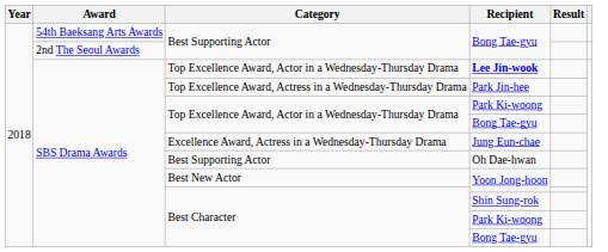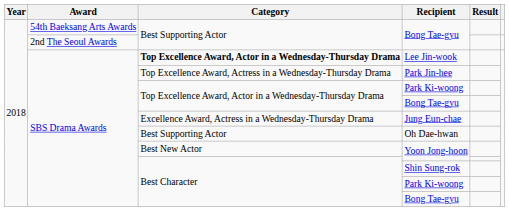 <table class="wikitable">
 <tr>
 <th>Year</th>
 <th>Award</th>
 <th>Category</th>
 <th>Recipient</th>
 <th>Result</th>
 <th></th>
 </tr>
 <tr>
 <td rowspan=13>2018</td>
 <td><a href='#'>54th Baeksang Arts Awards</a></td>
 <td rowspan=2>Best Supporting Actor</td>
 <td rowspan=2><a href='#'>Bong Tae-gyu</a></td>
 <td></td>
 <td></td>
 </tr>
 <tr>
 <td>2nd <a href='#'>The Seoul Awards</a></td>
 <td></td>
 <td></td>
 </tr>
 <tr>
 <td rowspan=11><a href='#'>SBS Drama Awards</a></td>
-<td>Top Excellence Award, Actor in a Wednesday-Thursday Drama</td>
-<td><strong><a href='#'>Lee Jin-wook</a></strong></td>
+<td><strong>Top Excellence Award, Actor in a Wednesday-Thursday Drama</strong></td>
+<td><a href='#'>Lee Jin-wook</a></td>
 <td></td>
 <td rowspan=11></td>
 </tr>
 <tr>
 <td>Top Excellence Award, Actress in a Wednesday-Thursday Drama</td>
 <td><a href='#'>Park Jin-hee</a></td>
 <td></td>
 </tr>
 <tr>
 <td rowspan=2>Top Excellence Award, Actor in a Wednesday-Thursday Drama</td>
 <td><a href='#'>Park Ki-woong</a></td>
 <td></td>
 </tr>
 <tr>
 <td><a href='#'>Bong Tae-gyu</a></td>
 <td></td>
 </tr>
 <tr>
 <td>Excellence Award, Actress in a Wednesday-Thursday Drama</td>
 <td><a href='#'>Jung Eun-chae</a></td>
 <td></td>
 </tr>
 <tr>
 <td>Best Supporting Actor</td>
 <td>Oh Dae-hwan</td>
 <td></td>
 </tr>
 <tr>
 <td>Best New Actor</td>
 <td rowspan=2><a href='#'>Yoon Jong-hoon</a></td>
 <td></td>
 </tr>
 <tr>
 <td rowspan=4>Best Character</td>
 <td></td>
 </tr>
 <tr>
 <td><a href='#'>Shin Sung-rok</a></td>
 <td></td>
 </tr>
 <tr>
 <td><a href='#'>Park Ki-woong</a></td>
 <td></td>
 </tr>
 <tr>
 <td><a href='#'>Bong Tae-gyu</a></td>
 <td></td>
 </tr>
 </table>
